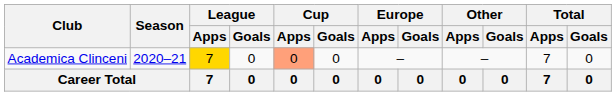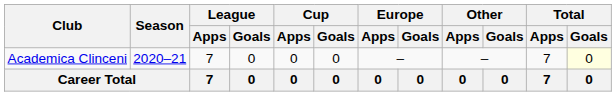 <table class="wikitable" style="text-align:center;">
 <tr>
 <th rowspan="2">Club</th>
 <th rowspan="2">Season</th>
 <th colspan="2">League</th>
 <th colspan="2">Cup</th>
 <th colspan="2">Europe</th>
 <th colspan="2">Other</th>
 <th colspan="2">Total</th>
 </tr>
 <tr>
 <th>Apps</th>
 <th>Goals</th>
 <th>Apps</th>
 <th>Goals</th>
 <th>Apps</th>
 <th>Goals</th>
 <th>Apps</th>
 <th>Goals</th>
 <th>Apps</th>
 <th>Goals</th>
 </tr>
 <tr>
 <td><a href='#'>Academica Clinceni</a></td>
 <td><a href='#'>2020–21</a></td>
-<td style="background: gold;">7</td>
+<td>7</td>
 <td>0</td>
-<td style="background: lightsalmon;">0</td>
+<td>0</td>
 <td>0</td>
 <td colspan="2">–</td>
 <td colspan="2">–</td>
 <td>7</td>
-<td>0</td>
+<td style="background: lightyellow;">0</td>
 </tr>
 <tr>
 <th colspan="2">Career Total</th>
 <th>7</th>
 <th>0</th>
 <th>0</th>
 <th>0</th>
 <th>0</th>
 <th>0</th>
 <th>0</th>
 <th>0</th>
 <th>7</th>
 <th>0</th>
 </tr>
 </table>
